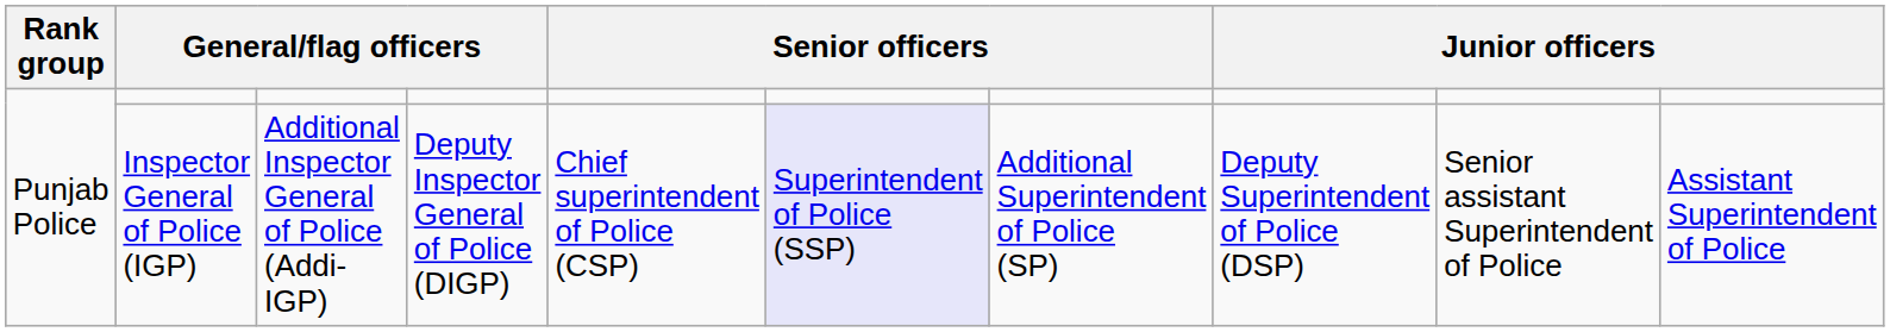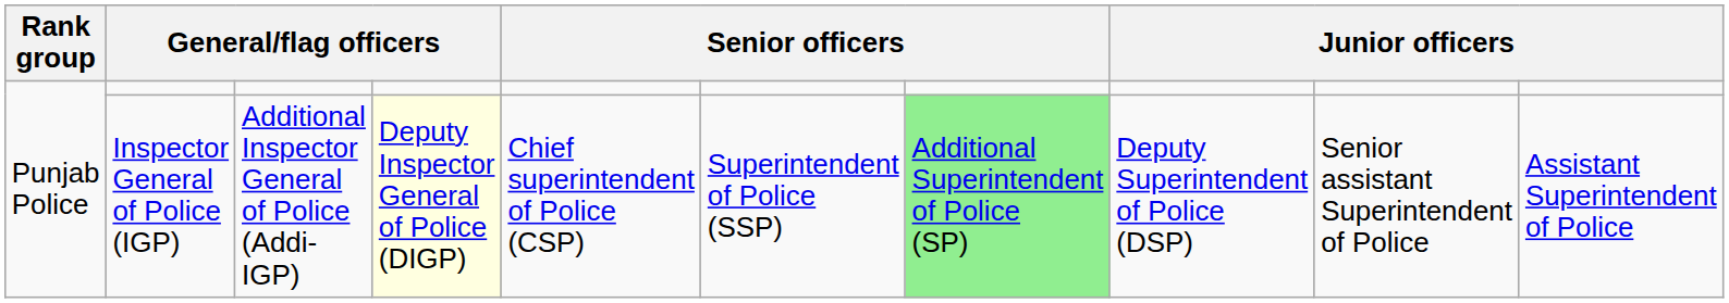 <table class="wikitable">
 <tr>
 <th>Rank group</th>
 <th colspan="3">General/flag officers</th>
 <th colspan="3">Senior officers</th>
 <th colspan="3">Junior officers</th>
 </tr>
 <tr>
 <td rowspan="2">Punjab Police</td>
 <td></td>
 <td></td>
 <td></td>
 <td></td>
 <td></td>
 <td></td>
 <td></td>
 <td></td>
 <td></td>
 </tr>
 <tr>
 <td><a href='#'>Inspector General of Police</a><br>(IGP)</td>
 <td><a href='#'>Additional Inspector General of Police</a><br>(Addi-IGP)</td>
-<td><a href='#'>Deputy Inspector General of Police</a><br>(DIGP)</td>
+<td style="background: lightyellow;"><a href='#'>Deputy Inspector General of Police</a><br>(DIGP)</td>
 <td><a href='#'>Chief superintendent of Police</a><br>(CSP)</td>
-<td style="background: lavender;"><a href='#'>Superintendent of Police</a><br>(SSP)</td>
-<td><a href='#'>Additional Superintendent of Police</a><br>(SP)</td>
+<td><a href='#'>Superintendent of Police</a><br>(SSP)</td>
+<td style="background: lightgreen;"><a href='#'>Additional Superintendent of Police</a><br>(SP)</td>
 <td><a href='#'>Deputy Superintendent of Police</a><br>(DSP)</td>
 <td Senior assistant superintendent>Senior assistant Superintendent of Police</td>
 <td><a href='#'>Assistant Superintendent of Police</a></td>
 </tr>
 </table>
